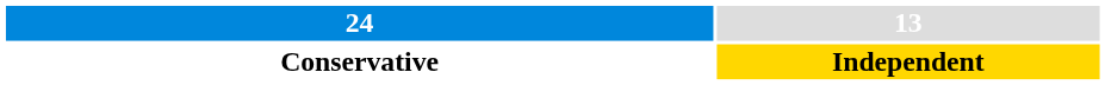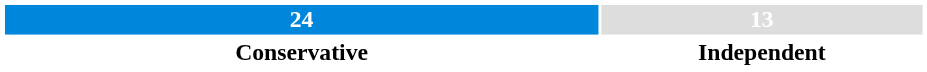 <table style="width:100%; text-align:center;">
 <tr style="color:white;">
 <td style="background:#0087DC; width:64.86%;"><strong>24</strong></td>
 <td style="background:#DDDDDD; width:35.14%;"><strong>13</strong></td>
 </tr>
 <tr>
 <td><span><strong>Conservative</strong></span></td>
-<td style="background: gold;"><span><strong>Independent</strong></span></td>
+<td><span><strong>Independent</strong></span></td>
 </tr>
 </table>
